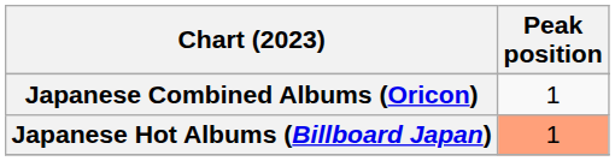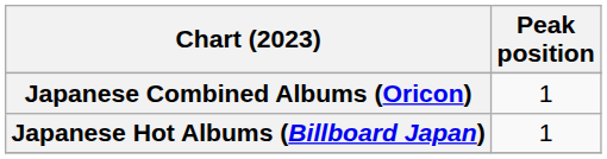 <table class="wikitable sortable plainrowheaders" style="text-align:center;">
 <tr>
 <th scope="col">Chart (2023)</th>
 <th scope="col">Peak<br>position</th>
 </tr>
 <tr>
 </tr>
 <tr>
 <th scope="row">Japanese Combined Albums (<a href='#'>Oricon</a>)</th>
 <td>1</td>
 </tr>
 <tr>
 <th scope="row">Japanese Hot Albums (<em><a href='#'>Billboard Japan</a></em>)</th>
-<td style="background: lightsalmon;">1</td>
+<td>1</td>
 </tr>
 <tr>
 </tr>
 </table>
